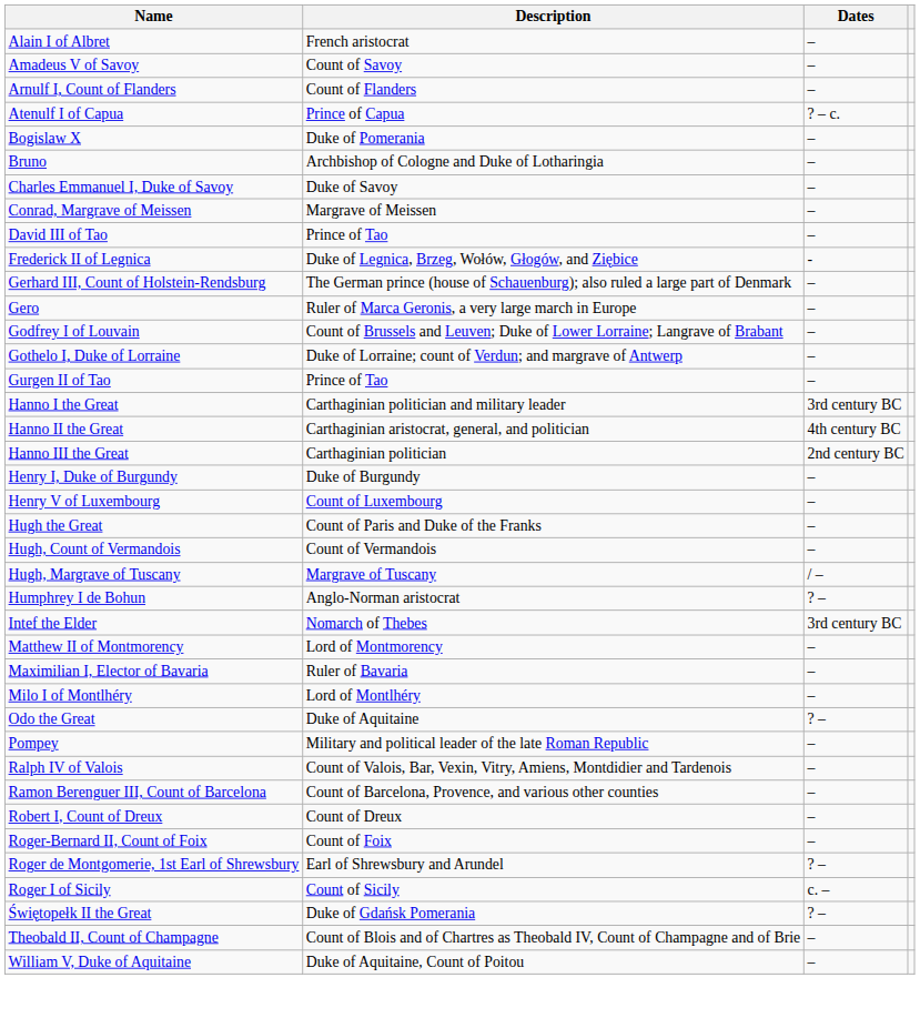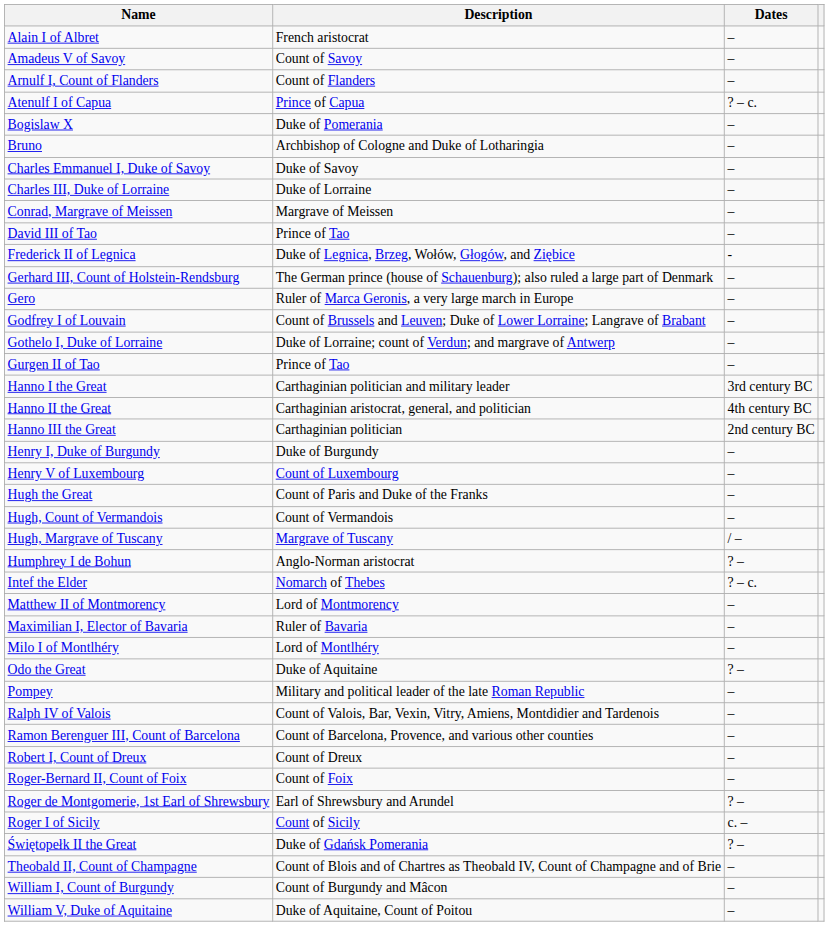 <table class="wikitable sortable">
 <tr>
 <th>Name</th>
 <th>Description</th>
 <th>Dates</th>
 <th class="unsortable"></th>
 </tr>
 <tr>
 <td><a href='#'>Alain I of Albret</a></td>
 <td>French aristocrat</td>
 <td> – </td>
 <td></td>
 </tr>
 <tr>
 <td><a href='#'>Amadeus V of Savoy</a></td>
 <td>Count of <a href='#'>Savoy</a></td>
 <td> – </td>
 <td></td>
 </tr>
 <tr>
 <td><a href='#'>Arnulf I, Count of Flanders</a></td>
 <td>Count of <a href='#'>Flanders</a></td>
 <td> – </td>
 <td></td>
 </tr>
 <tr>
 <td><a href='#'>Atenulf I of Capua</a></td>
 <td><a href='#'>Prince</a> of <a href='#'>Capua</a></td>
 <td>? – c. </td>
 <td></td>
 </tr>
 <tr>
 <td><a href='#'>Bogislaw X</a></td>
 <td>Duke of <a href='#'>Pomerania</a></td>
 <td> – </td>
 <td></td>
 </tr>
 <tr>
 <td><a href='#'>Bruno</a></td>
 <td>Archbishop of Cologne and Duke of Lotharingia</td>
 <td> – </td>
 <td></td>
 </tr>
 <tr>
 <td><a href='#'>Charles Emmanuel I, Duke of Savoy</a></td>
 <td>Duke of Savoy</td>
+<td> – </td>
+<td></td>
+</tr>
+<tr>
+<td><a href='#'>Charles III, Duke of Lorraine</a></td>
+<td>Duke of Lorraine</td>
 <td> – </td>
 <td></td>
 </tr>
 <tr>
 <td><a href='#'>Conrad, Margrave of Meissen</a></td>
 <td>Margrave of Meissen</td>
 <td> – </td>
 <td></td>
 </tr>
 <tr>
 <td><a href='#'>David III of Tao</a></td>
 <td>Prince of <a href='#'>Tao</a></td>
 <td> – </td>
 <td></td>
 </tr>
 <tr>
 <td><a href='#'>Frederick II of Legnica</a></td>
 <td>Duke of <a href='#'>Legnica</a>, <a href='#'>Brzeg</a>, Wołów, <a href='#'>Głogów</a>, and <a href='#'>Ziębice</a></td>
 <td> - </td>
 <td></td>
 </tr>
 <tr>
 <td><a href='#'>Gerhard III, Count of Holstein-Rendsburg</a></td>
 <td>The German prince (house of <a href='#'>Schauenburg</a>); also ruled a large part of Denmark</td>
 <td> – </td>
 <td></td>
 </tr>
 <tr>
 <td><a href='#'>Gero</a></td>
 <td>Ruler of <a href='#'>Marca Geronis</a>, a very large march in Europe</td>
 <td> – </td>
 <td></td>
 </tr>
 <tr>
 <td><a href='#'>Godfrey I of Louvain</a></td>
 <td>Count of <a href='#'>Brussels</a> and <a href='#'>Leuven</a>; Duke of <a href='#'>Lower Lorraine</a>; Langrave of <a href='#'>Brabant</a></td>
 <td> – </td>
 <td></td>
 </tr>
 <tr>
 <td><a href='#'>Gothelo I, Duke of Lorraine</a></td>
 <td>Duke of Lorraine; count of <a href='#'>Verdun</a>; and margrave of <a href='#'>Antwerp</a></td>
 <td> – </td>
 <td></td>
 </tr>
 <tr>
 <td><a href='#'>Gurgen II of Tao</a></td>
 <td>Prince of <a href='#'>Tao</a></td>
 <td> – </td>
 <td></td>
 </tr>
 <tr>
 <td><a href='#'>Hanno I the Great</a></td>
 <td>Carthaginian politician and military leader</td>
 <td>3rd century BC</td>
 <td></td>
 </tr>
 <tr>
 <td><a href='#'>Hanno II the Great</a></td>
 <td>Carthaginian aristocrat, general, and politician</td>
 <td>4th century BC</td>
 <td></td>
 </tr>
 <tr>
 <td><a href='#'>Hanno III the Great</a></td>
 <td>Carthaginian politician</td>
 <td>2nd century BC</td>
 <td></td>
 </tr>
 <tr>
 <td><a href='#'>Henry I, Duke of Burgundy</a></td>
 <td>Duke of Burgundy</td>
 <td> – </td>
 <td></td>
 </tr>
 <tr>
 <td><a href='#'>Henry V of Luxembourg</a></td>
 <td><a href='#'>Count of Luxembourg</a></td>
 <td> – </td>
 <td></td>
 </tr>
 <tr>
 <td><a href='#'>Hugh the Great</a></td>
 <td>Count of Paris and Duke of the Franks</td>
 <td> – </td>
 <td></td>
 </tr>
 <tr>
 <td><a href='#'>Hugh, Count of Vermandois</a></td>
 <td>Count of Vermandois</td>
 <td> – </td>
 <td></td>
 </tr>
 <tr>
 <td><a href='#'>Hugh, Margrave of Tuscany</a></td>
 <td><a href='#'>Margrave of Tuscany</a></td>
 <td>/ – </td>
 <td></td>
 </tr>
 <tr>
 <td><a href='#'>Humphrey I de Bohun</a></td>
 <td>Anglo-Norman aristocrat</td>
 <td>? – </td>
 <td></td>
 </tr>
 <tr>
 <td><a href='#'>Intef the Elder</a></td>
 <td><a href='#'>Nomarch</a> of <a href='#'>Thebes</a></td>
-<td>3rd century BC</td>
+<td>? – c. </td>
 <td></td>
 </tr>
 <tr>
 <td><a href='#'>Matthew II of Montmorency</a></td>
 <td>Lord of <a href='#'>Montmorency</a></td>
 <td> – </td>
 <td></td>
 </tr>
 <tr>
 <td><a href='#'>Maximilian I, Elector of Bavaria</a></td>
 <td>Ruler of <a href='#'>Bavaria</a></td>
 <td> – </td>
 <td></td>
 </tr>
 <tr>
 <td><a href='#'>Milo I of Montlhéry</a></td>
 <td>Lord of <a href='#'>Montlhéry</a></td>
 <td> – </td>
 <td></td>
 </tr>
 <tr>
 <td><a href='#'>Odo the Great</a></td>
 <td>Duke of Aquitaine</td>
 <td>? – </td>
 <td></td>
 </tr>
 <tr>
 <td><a href='#'>Pompey</a></td>
 <td>Military and political leader of the late <a href='#'>Roman Republic</a></td>
 <td> – </td>
 <td></td>
 </tr>
 <tr>
 <td><a href='#'>Ralph IV of Valois</a></td>
 <td>Count of Valois, Bar, Vexin, Vitry, Amiens, Montdidier and Tardenois</td>
 <td> – </td>
 <td></td>
 </tr>
 <tr>
 <td><a href='#'>Ramon Berenguer III, Count of Barcelona</a></td>
 <td>Count of Barcelona, Provence, and various other counties</td>
 <td> – </td>
 <td></td>
 </tr>
 <tr>
 <td><a href='#'>Robert I, Count of Dreux</a></td>
 <td>Count of Dreux</td>
 <td> – </td>
 <td></td>
 </tr>
 <tr>
 <td><a href='#'>Roger-Bernard II, Count of Foix</a></td>
 <td>Count of <a href='#'>Foix</a></td>
 <td> – </td>
 <td></td>
 </tr>
 <tr>
 <td><a href='#'>Roger de Montgomerie, 1st Earl of Shrewsbury</a></td>
 <td>Earl of Shrewsbury and Arundel</td>
 <td>? – </td>
 <td></td>
 </tr>
 <tr>
 <td><a href='#'>Roger I of Sicily</a></td>
 <td><a href='#'>Count</a> of <a href='#'>Sicily</a></td>
 <td>c.  – </td>
 <td></td>
 </tr>
 <tr>
 <td><a href='#'>Świętopełk II the Great</a></td>
 <td>Duke of <a href='#'>Gdańsk Pomerania</a></td>
 <td>? – </td>
 <td></td>
 </tr>
 <tr>
 <td><a href='#'>Theobald II, Count of Champagne</a></td>
 <td>Count of Blois and of Chartres as Theobald IV, Count of Champagne and of Brie</td>
 <td> – </td>
 <td></td>
 </tr>
 <tr>
+<td><a href='#'>William I, Count of Burgundy</a></td>
+<td>Count of Burgundy and Mâcon</td>
+<td> – </td>
+<td></td>
+</tr>
+<tr>
 <td><a href='#'>William V, Duke of Aquitaine</a></td>
 <td>Duke of Aquitaine, Count of Poitou</td>
 <td> – </td>
 <td></td>
 </tr>
 </table>
